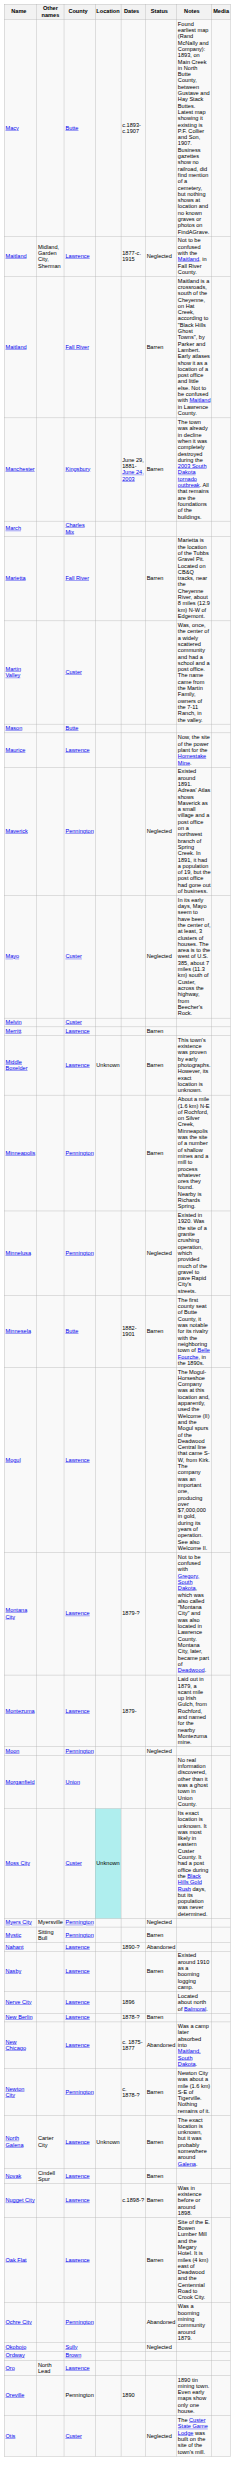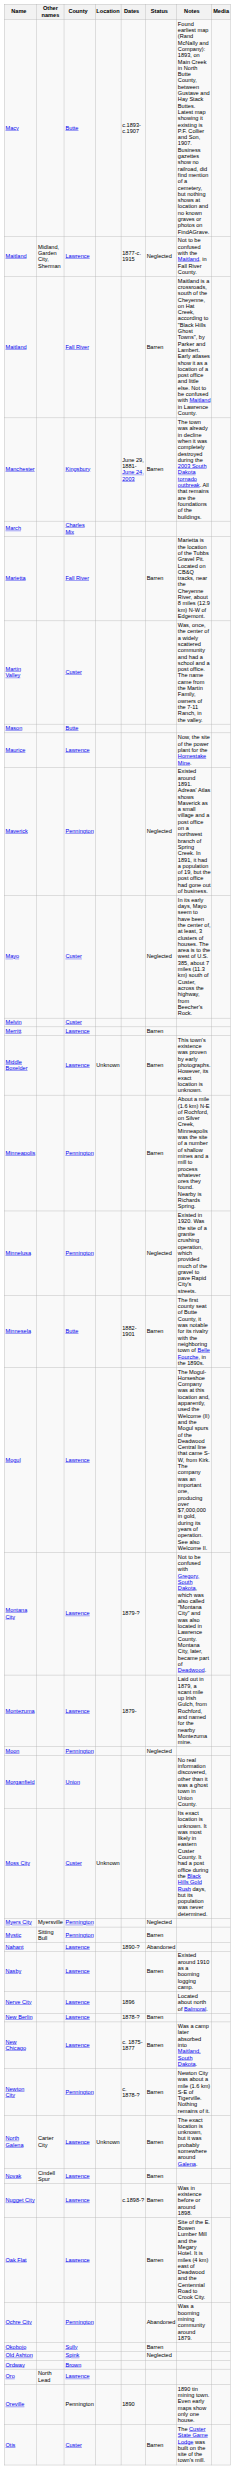 <table class="wikitable sortable">
 <tr>
 <th width="80"><strong>Name</strong>  </th>
 <th>Other names</th>
 <th width="50"><strong>County</strong>  </th>
 <th>Location</th>
 <th width="100"><strong>Dates</strong>  </th>
 <th width="50"><strong>Status</strong>  </th>
 <th width="650" class="unsortable"><strong>Notes</strong>   </th>
 <th>Media</th>
 </tr>
 <tr ->
 <td><a href='#'>Macy</a></td>
 <td></td>
 <td><a href='#'>Butte</a></td>
 <td></td>
 <td>c.1893-c.1907</td>
 <td></td>
 <td>Found earliest map (Rand McNally and Company): 1893, on Main Creek in North Butte County, between Gustave and Hay Stack Buttes. Latest map showing it existing is P.F. Collier and Son, 1907.  Business gazettes show no railroad, did find mention of a cemetery, but nothing shows at location and no known graves or photos on FindAGrave.</td>
 <td></td>
 </tr>
 <tr ->
 <td><a href='#'>Maitland</a></td>
 <td>Midland, Garden City, Sherman</td>
 <td><a href='#'>Lawrence</a></td>
 <td></td>
 <td>1877-c. 1915</td>
 <td>Neglected</td>
 <td>Not to be confused with the <a href='#'>Maitland</a>, in Fall River County.</td>
 <td></td>
 </tr>
 <tr ->
 <td><a href='#'>Maitland</a></td>
 <td></td>
 <td><a href='#'>Fall River</a></td>
 <td></td>
 <td></td>
 <td>Barren</td>
 <td>Maitland is a crossroads, south of the Cheyenne, on Hat Creek, according to "Black Hills Ghost Towns", by Parker and Lambert. Early atlases show it as a location of a post office and little else. Not to be confused with <a href='#'>Maitland</a> in Lawrence County.</td>
 <td></td>
 </tr>
 <tr ->
 <td><a href='#'>Manchester</a></td>
 <td></td>
 <td><a href='#'>Kingsbury</a></td>
 <td></td>
 <td>June 29, 1881-<a href='#'>June 24, 2003</a></td>
 <td>Barren</td>
 <td>The town was already in decline when it was completely destroyed during the <a href='#'>2003 South Dakota tornado outbreak</a>. All that remains are the foundations of the buildings.</td>
 <td></td>
 </tr>
 <tr ->
 <td><a href='#'>March</a></td>
 <td></td>
 <td><a href='#'>Charles Mix</a></td>
 <td></td>
 <td></td>
 <td></td>
 <td></td>
 <td></td>
 </tr>
 <tr ->
 <td><a href='#'>Marietta</a></td>
 <td></td>
 <td><a href='#'>Fall River</a></td>
 <td></td>
 <td></td>
 <td>Barren</td>
 <td>Marietta is the location of the Tubbs Gravel Pit. Located on CB&Q tracks, near the Cheyenne River, about 8 miles (12.9 km) N-W of Edgemont.</td>
 <td></td>
 </tr>
 <tr ->
 <td><a href='#'>Martin Valley</a></td>
 <td></td>
 <td><a href='#'>Custer</a></td>
 <td></td>
 <td></td>
 <td></td>
 <td>Was, once, the center of a widely scattered community and had a school and a post office. The name came from the Martin Family, owners of the 7-11 Ranch, in the valley.</td>
 <td></td>
 </tr>
 <tr ->
 <td><a href='#'>Mason</a></td>
 <td></td>
 <td><a href='#'>Butte</a></td>
 <td></td>
 <td></td>
 <td></td>
 <td></td>
 <td></td>
 </tr>
 <tr ->
 <td><a href='#'>Maurice</a></td>
 <td></td>
 <td><a href='#'>Lawrence</a></td>
 <td></td>
 <td></td>
 <td></td>
 <td>Now, the site of the power plant for the <a href='#'>Homestake Mine</a>.</td>
 <td></td>
 </tr>
 <tr ->
 <td><a href='#'>Maverick</a></td>
 <td></td>
 <td><a href='#'>Pennington</a></td>
 <td></td>
 <td></td>
 <td>Neglected</td>
 <td>Existed around 1891. Adreas' Atlas shows Maverick as a small village and a post office on a northwest branch of Spring Creek. In 1891, it had a population of 19, but the post office had gone out of business.</td>
 <td></td>
 </tr>
 <tr ->
 <td><a href='#'>Mayo</a></td>
 <td></td>
 <td><a href='#'>Custer</a></td>
 <td></td>
 <td></td>
 <td>Neglected</td>
 <td>In its early days, Mayo seem to have been the center of, at least, 3 clusters of houses. The area is to the west of U.S. 385, about 7 miles (11.3 km) south of Custer, across the highway, from Beecher's Rock.</td>
 <td></td>
 </tr>
 <tr ->
 <td><a href='#'>Melvin</a></td>
 <td></td>
 <td><a href='#'>Custer</a></td>
 <td></td>
 <td></td>
 <td></td>
 <td></td>
 <td></td>
 </tr>
 <tr ->
 <td><a href='#'>Merritt</a></td>
 <td></td>
 <td><a href='#'>Lawrence</a></td>
 <td></td>
 <td></td>
 <td>Barren</td>
 <td></td>
 <td></td>
 </tr>
 <tr ->
 <td><a href='#'>Middle Boxelder</a></td>
 <td></td>
 <td><a href='#'>Lawrence</a></td>
 <td>Unknown</td>
 <td></td>
 <td>Barren</td>
 <td>This town's existence was proven by early photographs. However, its exact location is unknown.</td>
 <td></td>
 </tr>
 <tr ->
 <td><a href='#'>Minneapolis</a></td>
 <td></td>
 <td><a href='#'>Pennington</a></td>
 <td></td>
 <td></td>
 <td>Barren</td>
 <td>About a mile (1.6 km) N-E of Rochford, on Silver Creek, Minneapolis was the site of a number of shallow mines and a mill to process whatever ores they found. Nearby is Richards Spring.</td>
 <td></td>
 </tr>
 <tr ->
 <td><a href='#'>Minnelusa</a></td>
 <td></td>
 <td><a href='#'>Pennington</a></td>
 <td></td>
 <td></td>
 <td>Neglected</td>
 <td>Existed in 1920. Was the site of a granite crushing operation, which provided much of the gravel to pave Rapid City's streets.</td>
 <td></td>
 </tr>
 <tr ->
 <td><a href='#'>Minnesela</a></td>
 <td></td>
 <td><a href='#'>Butte</a></td>
 <td></td>
 <td>1882-1901</td>
 <td>Barren</td>
 <td>The first county seat of Butte County, it was notable for its rivalry with the neighboring town of <a href='#'>Belle Fourche</a>, in the 1890s.</td>
 <td></td>
 </tr>
 <tr ->
 <td><a href='#'>Mogul</a></td>
 <td></td>
 <td><a href='#'>Lawrence</a></td>
 <td></td>
 <td></td>
 <td></td>
 <td>The Mogul-Horseshoe Company was at this location and, apparently, used the Welcome (II) and the Mogul spurs of the Deadwood Central line that came S-W, from Kirk. The company was an important one, producing over $7,000,000 in gold, during its years of operation. See also Welcome II.</td>
 <td></td>
 </tr>
 <tr ->
 <td><a href='#'>Montana City</a></td>
 <td></td>
 <td><a href='#'>Lawrence</a></td>
 <td></td>
 <td>1879-?</td>
 <td></td>
 <td>Not to be confused with <a href='#'>Gregory, South Dakota</a>, which was also called "Montana City" and was also located in Lawrence County. Montana City, later, became part of <a href='#'>Deadwood</a>.</td>
 <td></td>
 </tr>
 <tr ->
 <td><a href='#'>Montezuma</a></td>
 <td></td>
 <td><a href='#'>Lawrence</a></td>
 <td></td>
 <td>1879-</td>
 <td></td>
 <td>Laid out in 1879, a scant mile up Irish Gulch, from Rochford, and named for the nearby Montezuma mine.</td>
 <td></td>
 </tr>
 <tr ->
 <td><a href='#'>Moon</a></td>
 <td></td>
 <td><a href='#'>Pennington</a></td>
 <td></td>
 <td></td>
 <td>Neglected</td>
 <td></td>
 <td></td>
 </tr>
 <tr ->
 <td><a href='#'>Morganfield</a></td>
 <td></td>
 <td><a href='#'>Union</a></td>
 <td></td>
 <td></td>
 <td></td>
 <td>No real information discovered, other than it was a ghost town in Union County.</td>
 <td></td>
 </tr>
 <tr ->
 <td><a href='#'>Moss City</a></td>
 <td></td>
 <td><a href='#'>Custer</a></td>
-<td style="background: paleturquoise;">Unknown</td>
+<td>Unknown</td>
 <td></td>
 <td></td>
 <td>Its exact location is unknown. It was most likely in eastern Custer County. It had a post office during the <a href='#'>Black Hills Gold Rush</a> days, but its population was never determined.</td>
 <td></td>
 </tr>
 <tr ->
 <td><a href='#'>Myers City</a></td>
 <td>Myersville</td>
 <td><a href='#'>Pennington</a></td>
 <td></td>
 <td></td>
 <td>Neglected</td>
 <td></td>
 <td></td>
 </tr>
 <tr ->
 <td><a href='#'>Mystic</a></td>
 <td>Sitting Bull</td>
 <td><a href='#'>Pennington</a></td>
 <td></td>
 <td></td>
 <td>Barren</td>
 <td></td>
 <td></td>
 </tr>
 <tr ->
 <td><a href='#'>Nahant</a></td>
 <td></td>
 <td><a href='#'>Lawrence</a></td>
 <td></td>
 <td>1890-?</td>
 <td>Abandoned</td>
 <td></td>
 <td></td>
 </tr>
 <tr ->
 <td><a href='#'>Nasby</a></td>
 <td></td>
 <td><a href='#'>Lawrence</a></td>
 <td></td>
 <td></td>
 <td>Barren</td>
 <td>Existed around 1910 as a booming logging camp.</td>
 <td></td>
 </tr>
 <tr ->
 <td><a href='#'>Nerve City</a></td>
 <td></td>
 <td><a href='#'>Lawrence</a></td>
 <td></td>
 <td>1896</td>
 <td></td>
 <td>Located about  north of <a href='#'>Balmoral</a>.</td>
 <td></td>
 </tr>
 <tr ->
 <td><a href='#'>New Berlin</a></td>
 <td></td>
 <td><a href='#'>Lawrence</a></td>
 <td></td>
 <td>1878-?</td>
 <td>Barren</td>
 <td></td>
 <td></td>
 </tr>
 <tr ->
 <td><a href='#'>New Chicago</a></td>
 <td></td>
 <td><a href='#'>Lawrence</a></td>
 <td></td>
 <td>c. 1875-1877</td>
-<td>Abandoned</td>
+<td>Barren</td>
 <td>Was a camp later absorbed into <a href='#'>Maitland, South Dakota</a>.</td>
 <td></td>
 </tr>
 <tr ->
 <td><a href='#'>Newton City</a></td>
 <td></td>
 <td><a href='#'>Pennington</a></td>
 <td></td>
 <td>c. 1878-?</td>
 <td>Barren</td>
 <td>Newton City was about a mile (1.6 km) S-E of Tigerville. Nothing remains of it.</td>
 <td></td>
 </tr>
 <tr ->
 <td><a href='#'>North Galena</a></td>
 <td>Carter City</td>
 <td><a href='#'>Lawrence</a></td>
 <td>Unknown</td>
 <td></td>
 <td>Barren</td>
 <td>The exact location is unknown, but it was probably somewhere around <a href='#'>Galena</a>.</td>
 <td></td>
 </tr>
 <tr ->
 <td><a href='#'>Novak</a></td>
 <td>Cindell Spur</td>
 <td><a href='#'>Lawrence</a></td>
 <td></td>
 <td></td>
 <td>Barren</td>
 <td></td>
 <td></td>
 </tr>
 <tr ->
 <td><a href='#'>Nugget City</a></td>
 <td></td>
 <td><a href='#'>Lawrence</a></td>
 <td></td>
 <td>c.1898-?</td>
 <td>Barren</td>
 <td>Was in existence before or around 1898.</td>
 <td></td>
 </tr>
 <tr ->
 <td><a href='#'>Oak Flat</a></td>
 <td></td>
 <td><a href='#'>Lawrence</a></td>
 <td></td>
 <td></td>
 <td>Barren</td>
 <td>Site of the E. Bowen Lumber Mill and the Megary Hotel. It is  miles (4 km) east of Deadwood and the Centennial Road to Crook City.</td>
 <td></td>
 </tr>
 <tr ->
 <td><a href='#'>Ochre City</a></td>
 <td></td>
 <td><a href='#'>Pennington</a></td>
 <td></td>
 <td></td>
 <td>Abandoned</td>
 <td>Was a booming mining community around 1879.</td>
 <td></td>
 </tr>
 <tr ->
 <td><a href='#'>Okobojo</a></td>
 <td></td>
 <td><a href='#'>Sully</a></td>
 <td></td>
 <td></td>
+<td>Barren</td>
+<td></td>
+<td></td>
+</tr>
+<tr ->
+<td><a href='#'>Old Ashton</a></td>
+<td></td>
+<td><a href='#'>Spink</a></td>
+<td></td>
+<td></td>
 <td>Neglected</td>
 <td></td>
 <td></td>
 </tr>
 <tr ->
 <td><a href='#'>Ordway</a></td>
 <td></td>
 <td><a href='#'>Brown</a></td>
 <td></td>
 <td></td>
 <td></td>
 <td></td>
 <td></td>
 </tr>
 <tr ->
 <td><a href='#'>Oro</a></td>
 <td>North Lead</td>
 <td><a href='#'>Lawrence</a></td>
 <td></td>
 <td></td>
 <td></td>
 <td></td>
 <td></td>
 </tr>
 <tr ->
 <td><a href='#'>Oreville</a></td>
 <td></td>
 <td>Pennington</td>
 <td></td>
 <td>1890</td>
 <td></td>
 <td>1890 tin mining town. Even early maps show only one house.</td>
 <td></td>
 </tr>
 <tr ->
 <td><a href='#'>Otis</a></td>
 <td></td>
 <td><a href='#'>Custer</a></td>
 <td></td>
 <td></td>
-<td>Neglected</td>
+<td>Barren</td>
 <td>The <a href='#'>Custer State Game Lodge</a> was built on the site of the town's mill.</td>
 <td></td>
 </tr>
 </table>
